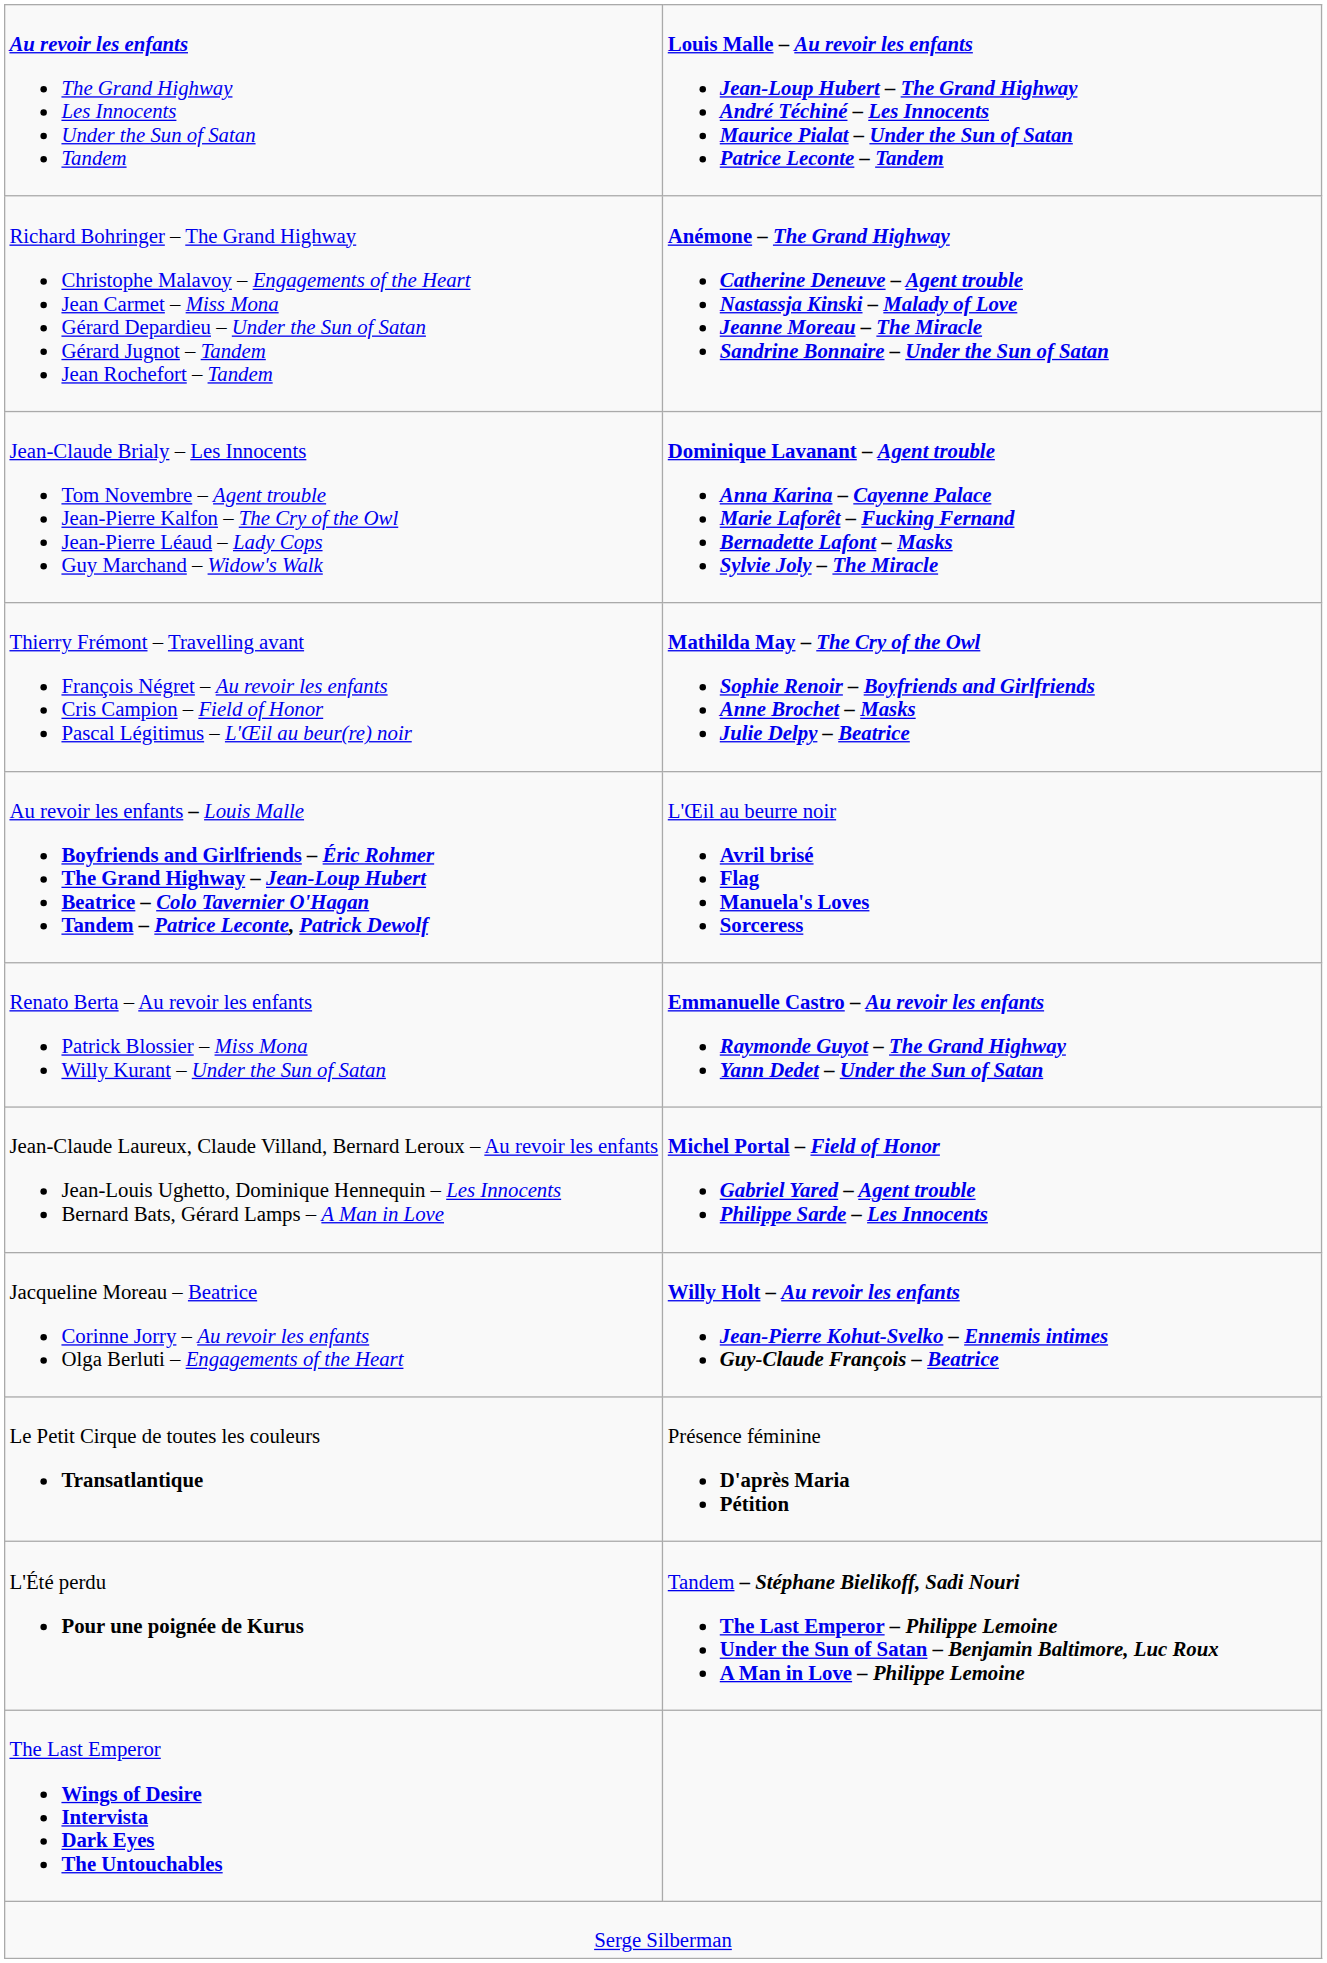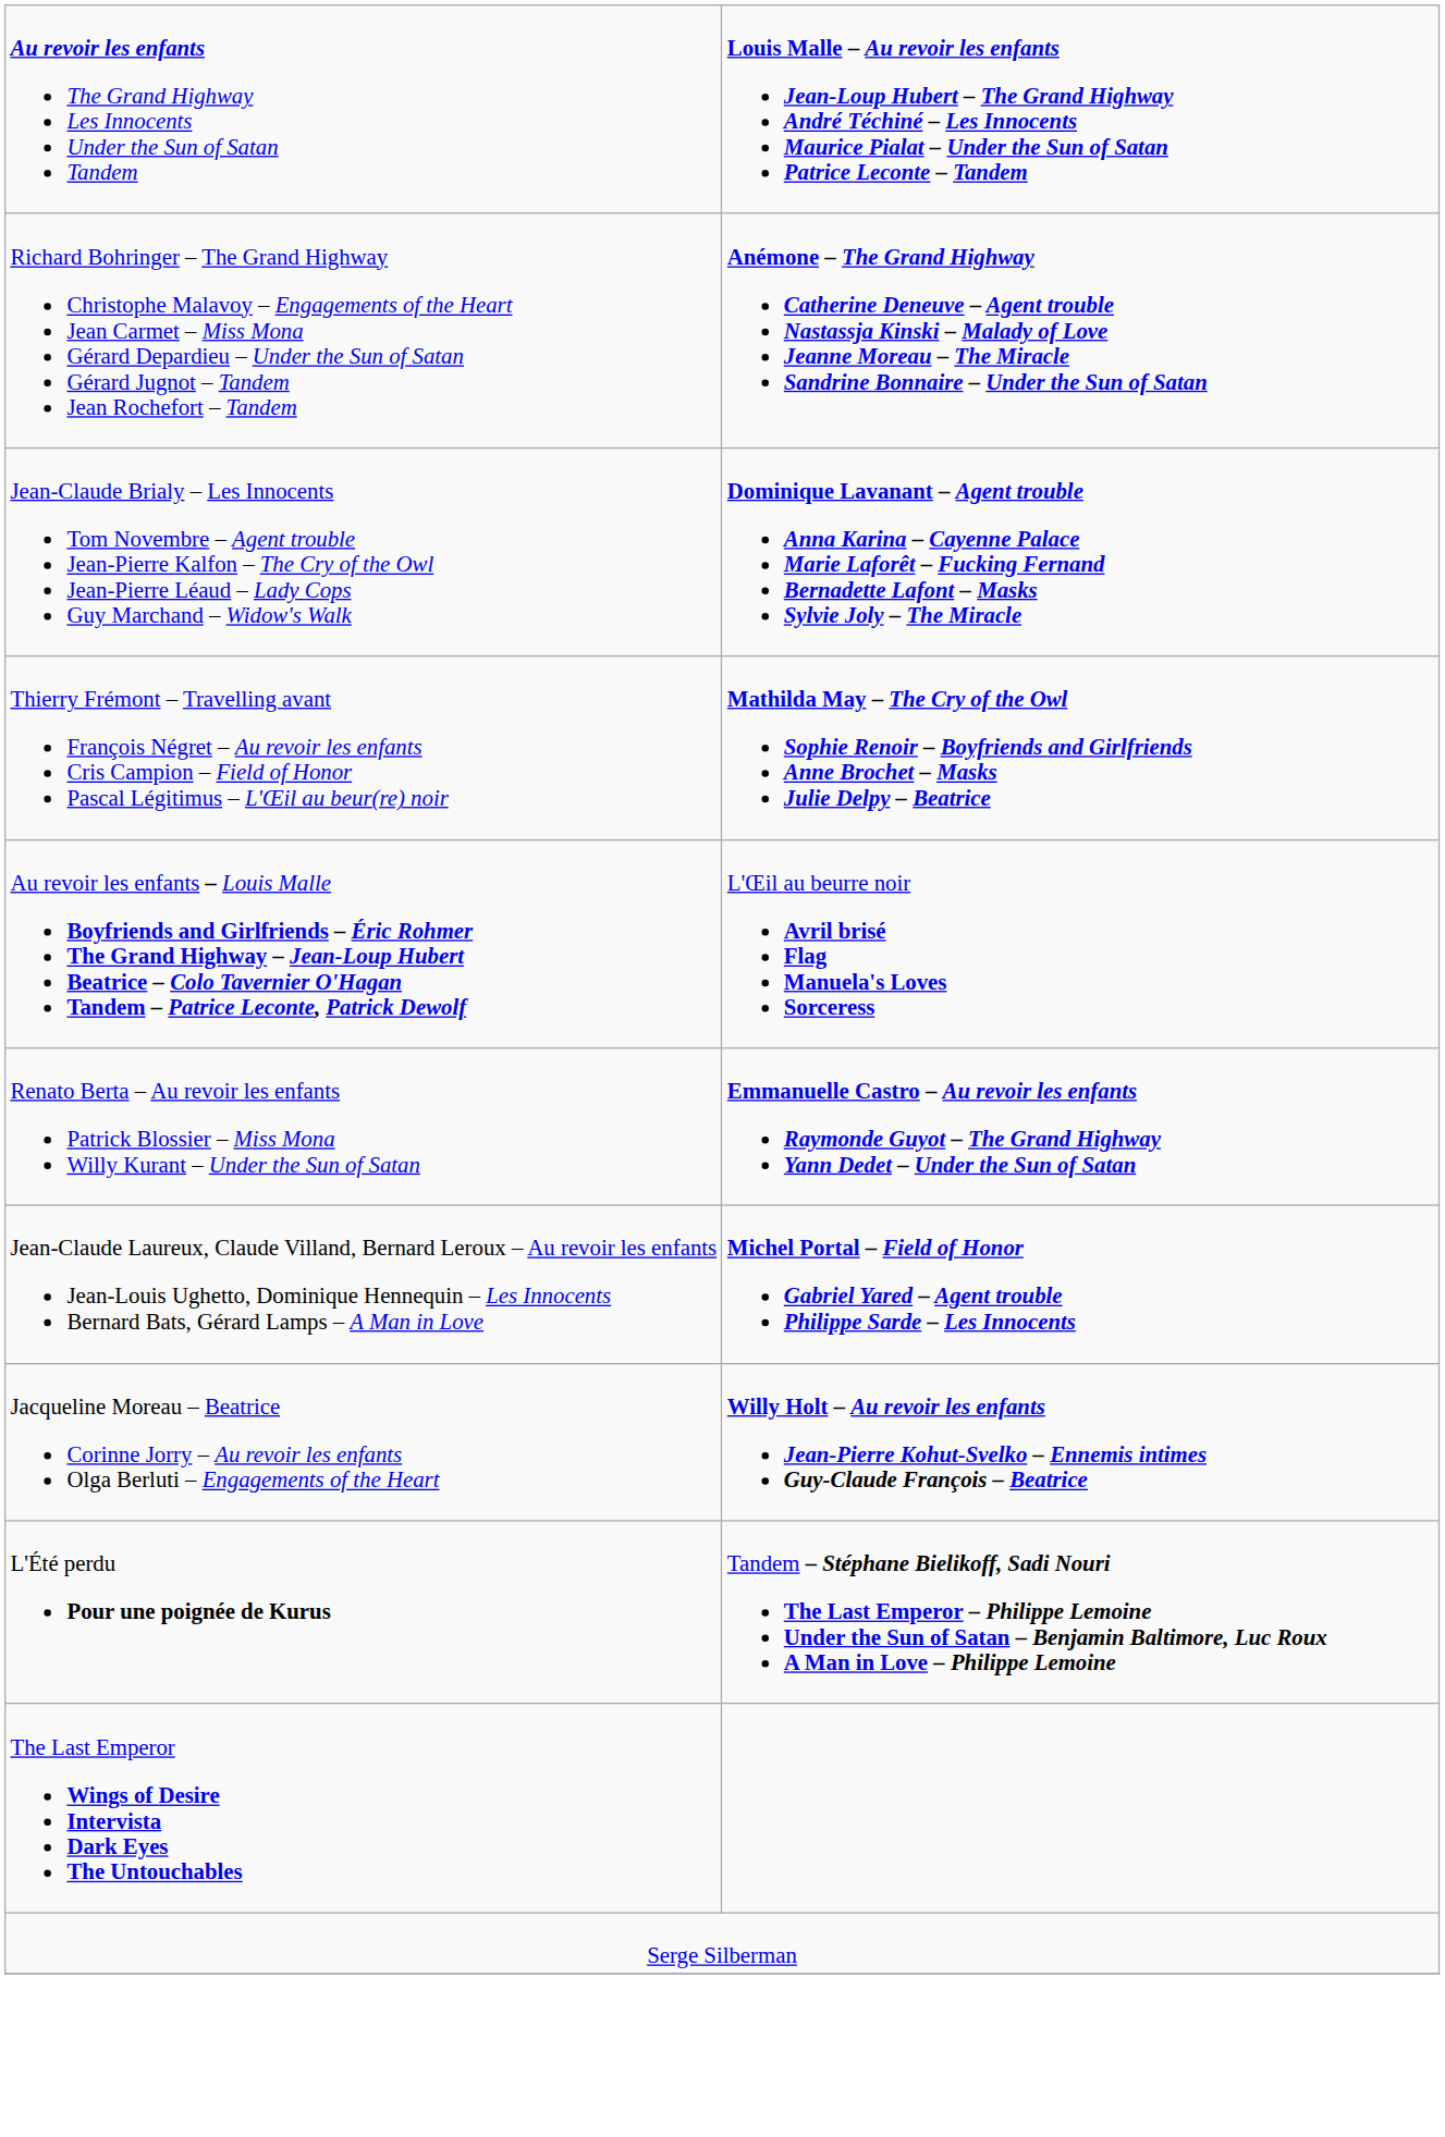 <table class=wikitable style="width=150%">
 <tr>
 <td valign="top" width="50%"><br> <strong><em><a href='#'>Au revoir les enfants</a></em></strong><ul><li><em><a href='#'>The Grand Highway</a></em></li><li><em><a href='#'>Les Innocents</a></em></li><li><em><a href='#'>Under the Sun of Satan</a></em></li><li><em><a href='#'>Tandem</a></em></li></ul></td>
 <td valign="top" width="50%"><br> <strong><a href='#'>Louis Malle</a> – <em><a href='#'>Au revoir les enfants</a><strong><em><ul><li><a href='#'>Jean-Loup Hubert</a> – </em><a href='#'>The Grand Highway</a><em></li><li><a href='#'>André Téchiné</a> – </em><a href='#'>Les Innocents</a><em></li><li><a href='#'>Maurice Pialat</a> – </em><a href='#'>Under the Sun of Satan</a><em></li><li><a href='#'>Patrice Leconte</a> – </em><a href='#'>Tandem</a><em></li></ul></td>
 </tr>
 <tr>
 <td valign="top" width="50%"><br> </strong><a href='#'>Richard Bohringer</a> –  </em><a href='#'>The Grand Highway</a></em></strong><ul><li><a href='#'>Christophe Malavoy</a> – <em><a href='#'>Engagements of the Heart</a></em></li><li><a href='#'>Jean Carmet</a> – <em><a href='#'>Miss Mona</a></em></li><li><a href='#'>Gérard Depardieu</a> – <em><a href='#'>Under the Sun of Satan</a></em></li><li><a href='#'>Gérard Jugnot</a> – <em><a href='#'>Tandem</a></em></li><li><a href='#'>Jean Rochefort</a> – <em><a href='#'>Tandem</a></em></li></ul></td>
 <td valign="top" width="50%"><br> <strong><a href='#'>Anémone</a> – <em><a href='#'>The Grand Highway</a><strong><em><ul><li><a href='#'>Catherine Deneuve</a> – </em><a href='#'>Agent trouble</a><em></li><li><a href='#'>Nastassja Kinski</a> – </em><a href='#'>Malady of Love</a><em></li><li><a href='#'>Jeanne Moreau</a> – </em><a href='#'>The Miracle</a><em></li><li><a href='#'>Sandrine Bonnaire</a> – </em><a href='#'>Under the Sun of Satan</a><em></li></ul></td>
 </tr>
 <tr>
 <td valign="top" width="50%"><br> </strong><a href='#'>Jean-Claude Brialy</a> – </em><a href='#'>Les Innocents</a></em></strong><ul><li><a href='#'>Tom Novembre</a> – <em><a href='#'>Agent trouble</a></em></li><li><a href='#'>Jean-Pierre Kalfon</a> – <em><a href='#'>The Cry of the Owl</a></em></li><li><a href='#'>Jean-Pierre Léaud</a> – <em><a href='#'>Lady Cops</a></em></li><li><a href='#'>Guy Marchand</a> – <em><a href='#'>Widow's Walk</a></em></li></ul></td>
 <td valign="top" width="50%"><br> <strong><a href='#'>Dominique Lavanant</a> – <em><a href='#'>Agent trouble</a><strong><em><ul><li><a href='#'>Anna Karina</a> – </em><a href='#'>Cayenne Palace</a><em></li><li><a href='#'>Marie Laforêt</a> – </em><a href='#'>Fucking Fernand</a><em></li><li><a href='#'>Bernadette Lafont</a> – </em><a href='#'>Masks</a><em></li><li><a href='#'>Sylvie Joly</a> – </em><a href='#'>The Miracle</a><em></li></ul></td>
 </tr>
 <tr>
 <td valign="top" width="50%"><br> </strong><a href='#'>Thierry Frémont</a> – </em><a href='#'>Travelling avant</a></em></strong><ul><li><a href='#'>François Négret</a> – <em><a href='#'>Au revoir les enfants</a></em></li><li><a href='#'>Cris Campion</a> – <em><a href='#'>Field of Honor</a></em></li><li><a href='#'>Pascal Légitimus</a> – <em><a href='#'>L'Œil au beur(re) noir</a></em></li></ul></td>
 <td valign="top" width="50%"><br> <strong><a href='#'>Mathilda May</a> – <em><a href='#'>The Cry of the Owl</a><strong><em><ul><li><a href='#'>Sophie Renoir</a> – </em><a href='#'>Boyfriends and Girlfriends</a><em></li><li><a href='#'>Anne Brochet</a> – </em><a href='#'>Masks</a><em></li><li><a href='#'>Julie Delpy</a> – </em><a href='#'>Beatrice</a><em></li></ul></td>
 </tr>
 <tr>
 <td valign="top" width="50%"><br> </em></strong><a href='#'>Au revoir les enfants</a><strong><em> – </strong><a href='#'>Louis Malle</a><strong><ul><li></em><a href='#'>Boyfriends and Girlfriends</a><em> – <a href='#'>Éric Rohmer</a></li><li></em><a href='#'>The Grand Highway</a><em> – <a href='#'>Jean-Loup Hubert</a></li><li></em><a href='#'>Beatrice</a><em> – <a href='#'>Colo Tavernier O'Hagan</a></li><li></em><a href='#'>Tandem</a><em> – <a href='#'>Patrice Leconte</a>, <a href='#'>Patrick Dewolf</a></li></ul></td>
 <td valign="top" width="50%"><br> </em></strong><a href='#'>L'Œil au beurre noir</a><strong><em><ul><li></em><a href='#'>Avril brisé</a><em></li><li></em><a href='#'>Flag</a><em></li><li></em><a href='#'>Manuela's Loves</a><em></li><li></em><a href='#'>Sorceress</a><em></li></ul></td>
 </tr>
 <tr>
 <td valign="top" width="50%"><br> </strong><a href='#'>Renato Berta</a> – </em><a href='#'>Au revoir les enfants</a></em></strong><ul><li><a href='#'>Patrick Blossier</a> – <em><a href='#'>Miss Mona</a></em></li><li><a href='#'>Willy Kurant</a> – <em><a href='#'>Under the Sun of Satan</a></em></li></ul></td>
 <td valign="top" width="50%"><br> <strong><a href='#'>Emmanuelle Castro</a> – <em><a href='#'>Au revoir les enfants</a><strong><em><ul><li><a href='#'>Raymonde Guyot</a> – </em><a href='#'>The Grand Highway</a><em></li><li><a href='#'>Yann Dedet</a> – </em><a href='#'>Under the Sun of Satan</a><em></li></ul></td>
 </tr>
 <tr>
 <td valign="top" width="50%"><br> </strong>Jean-Claude Laureux, Claude Villand, Bernard Leroux – </em><a href='#'>Au revoir les enfants</a></em></strong><ul><li>Jean-Louis Ughetto, Dominique Hennequin – <em><a href='#'>Les Innocents</a></em></li><li>Bernard Bats, Gérard Lamps – <em><a href='#'>A Man in Love</a></em></li></ul></td>
 <td valign="top" width="50%"><br> <strong><a href='#'>Michel Portal</a> – <em><a href='#'>Field of Honor</a><strong><em><ul><li><a href='#'>Gabriel Yared</a> – </em><a href='#'>Agent trouble</a><em></li><li><a href='#'>Philippe Sarde</a> – </em><a href='#'>Les Innocents</a><em></li></ul></td>
 </tr>
 <tr>
 <td valign="top" width="50%"><br> </strong>Jacqueline Moreau – </em><a href='#'>Beatrice</a></em></strong><ul><li><a href='#'>Corinne Jorry</a> – <em><a href='#'>Au revoir les enfants</a></em></li><li>Olga Berluti – <em><a href='#'>Engagements of the Heart</a></em></li></ul></td>
 <td valign="top" width="50%"><br> <strong><a href='#'>Willy Holt</a> – <em><a href='#'>Au revoir les enfants</a><strong><em><ul><li><a href='#'>Jean-Pierre Kohut-Svelko</a> – </em><a href='#'>Ennemis intimes</a><em></li><li>Guy-Claude François – </em><a href='#'>Beatrice</a><em></li></ul></td>
 </tr>
 <tr>
-<td valign="top" width="50%"><br> </em></strong>Le Petit Cirque de toutes les couleurs<strong><em><ul><li></em>Transatlantique<em></li></ul></td>
-<td valign="top" width="50%"><br> </em></strong>Présence féminine<strong><em><ul><li></em>D'après Maria<em></li><li></em>Pétition<em></li></ul></td>
-</tr>
-<tr>
 <td valign="top" width="50%"><br> </em></strong>L'Été perdu<strong><em><ul><li></em>Pour une poignée de Kurus<em></li></ul></td>
 <td valign="top" width="50%"><br> </em></strong><a href='#'>Tandem</a><strong><em> – Stéphane Bielikoff, Sadi Nouri<ul><li></em><a href='#'>The Last Emperor</a><em> – Philippe Lemoine</li><li></em><a href='#'>Under the Sun of Satan</a><em> – Benjamin Baltimore, Luc Roux</li><li></em><a href='#'>A Man in Love</a><em> – Philippe Lemoine</li></ul></td>
 </tr>
 <tr>
 <td valign="top" width="50%"><br> </em></strong><a href='#'>The Last Emperor</a><strong><em><ul><li></em><a href='#'>Wings of Desire</a><em></li><li></em><a href='#'>Intervista</a><em></li><li></em><a href='#'>Dark Eyes</a><em></li><li></em><a href='#'>The Untouchables</a><em></li></ul></td>
 </tr>
 <tr>
 <td align="center" colspan="2" valign="top" width="50%"><br> </strong><a href='#'>Serge Silberman</a><strong></td>
 </tr>
 <tr>
 </tr>
 </table>
